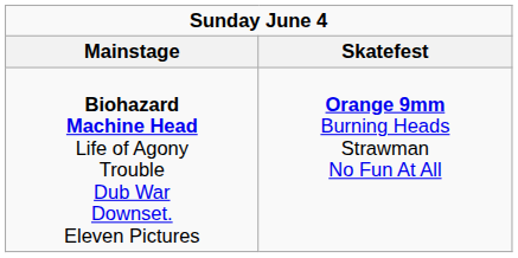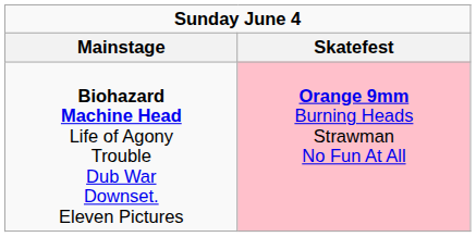 <table class="wikitable">
 <tr>
 <td colspan="3" align="center"><strong>Sunday June 4</strong></td>
 </tr>
 <tr>
 <th>Mainstage</th>
 <th>Skatefest</th>
 </tr>
 <tr>
 <td valign="top" align="center" width=200><br><strong>Biohazard</strong> <br><strong><a href='#'>Machine Head</a></strong> <br>Life of Agony <br>Trouble <br><a href='#'>Dub War</a> <br><a href='#'>Downset.</a> <br>Eleven Pictures</td>
-<td valign="top" align="center" width=200><br><strong><a href='#'>Orange 9mm</a></strong> <br><a href='#'>Burning Heads</a> <br>Strawman <br><a href='#'>No Fun At All</a></td>
+<td valign="top" align="center" width=200 style="background: pink;"><br><strong><a href='#'>Orange 9mm</a></strong> <br><a href='#'>Burning Heads</a> <br>Strawman <br><a href='#'>No Fun At All</a></td>
 </tr>
 </table>
